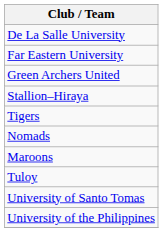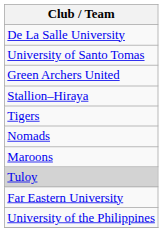 <table class="wikitable sortable">
 <tr>
 <th>Club / Team</th>
 </tr>
 <tr>
 <td><a href='#'>De La Salle University</a></td>
 </tr>
 <tr>
-<td><a href='#'>Far Eastern University</a></td>
+<td><a href='#'>University of Santo Tomas</a></td>
 </tr>
 <tr>
 <td><a href='#'>Green Archers United</a></td>
 </tr>
 <tr>
 <td><a href='#'>Stallion–Hiraya</a></td>
 </tr>
 <tr>
 <td><a href='#'>Tigers</a></td>
 </tr>
 <tr>
 <td><a href='#'>Nomads</a></td>
 </tr>
 <tr>
 <td><a href='#'>Maroons</a></td>
 </tr>
 <tr>
-<td><a href='#'>Tuloy</a></td>
+<td style="background: lightgrey;"><a href='#'>Tuloy</a></td>
 </tr>
 <tr>
-<td><a href='#'>University of Santo Tomas</a></td>
+<td><a href='#'>Far Eastern University</a></td>
 </tr>
 <tr>
 <td><a href='#'>University of the Philippines</a></td>
 </tr>
 <tr>
 </tr>
 </table>
